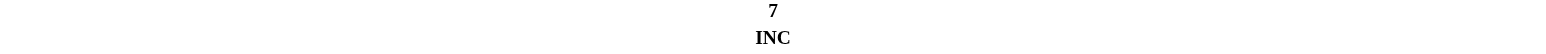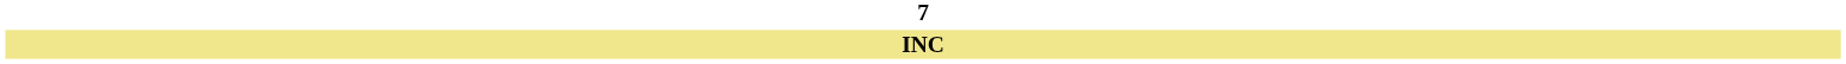 <table style="width:100%; text-align:center;">
 <tr>
 <td style="background:"><strong>7</strong></td>
 </tr>
 <tr>
-<td><span><strong>INC</strong></span></td>
+<td style="background: khaki;"><span><strong>INC</strong></span></td>
 </tr>
 </table>
